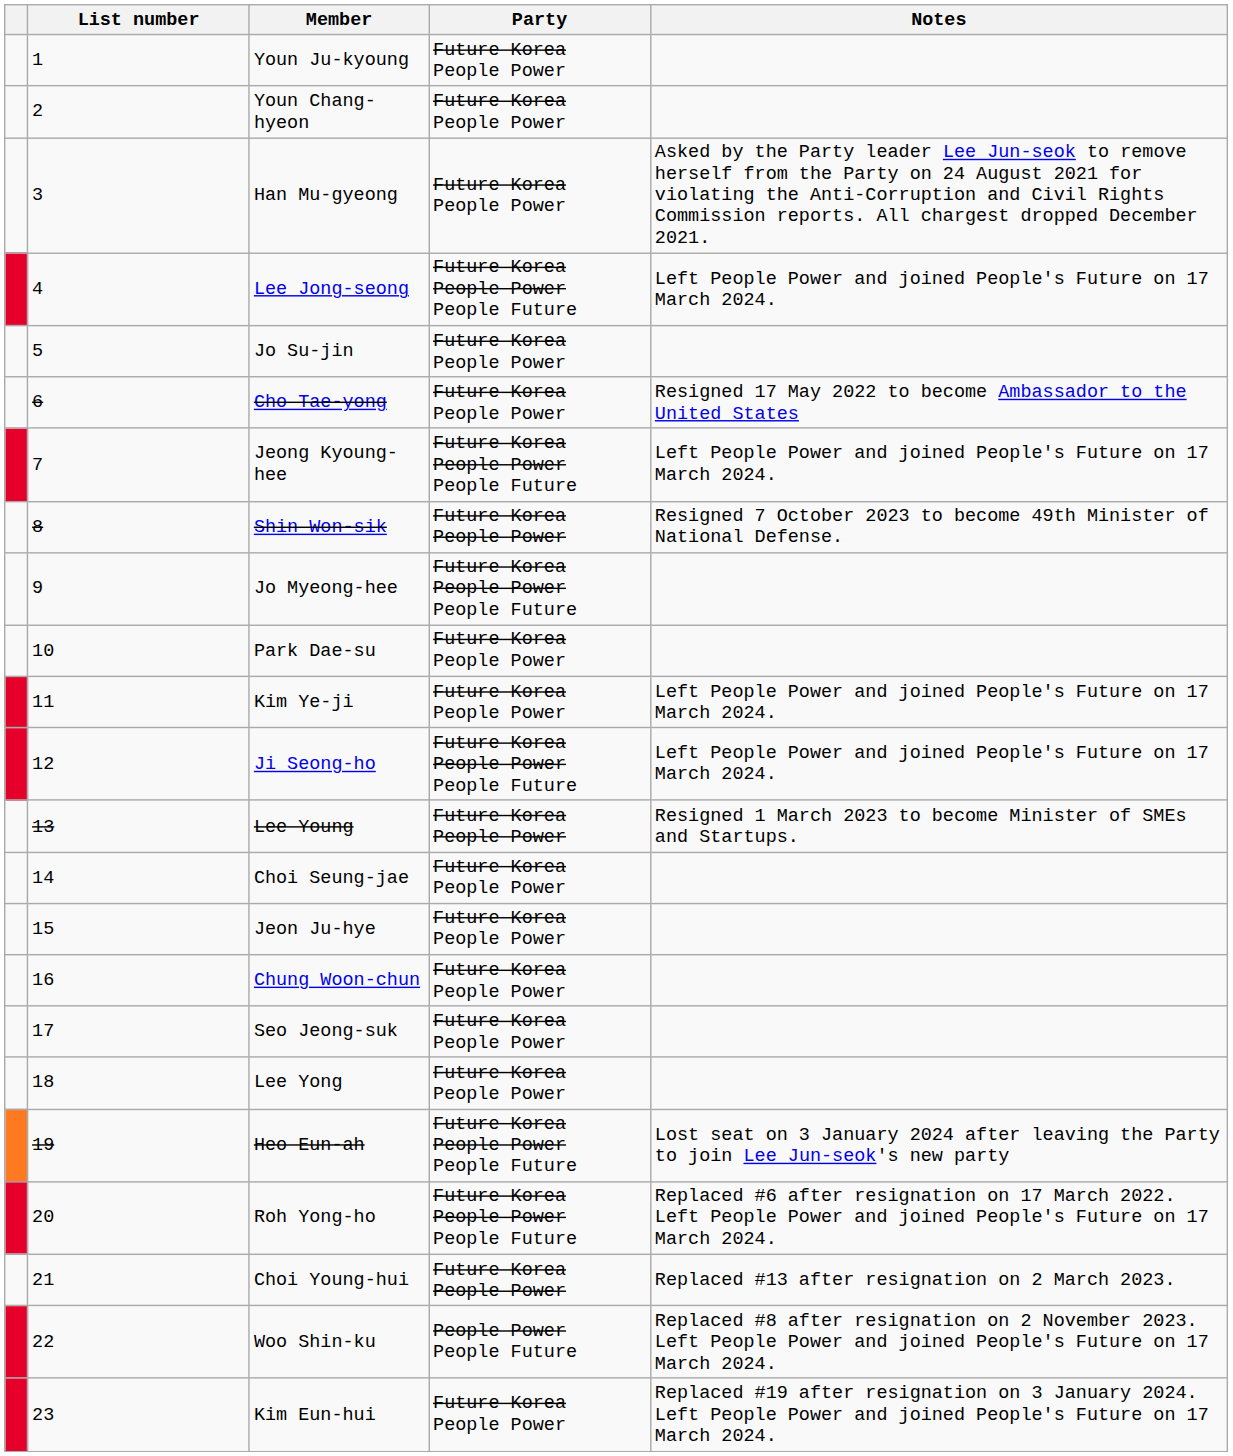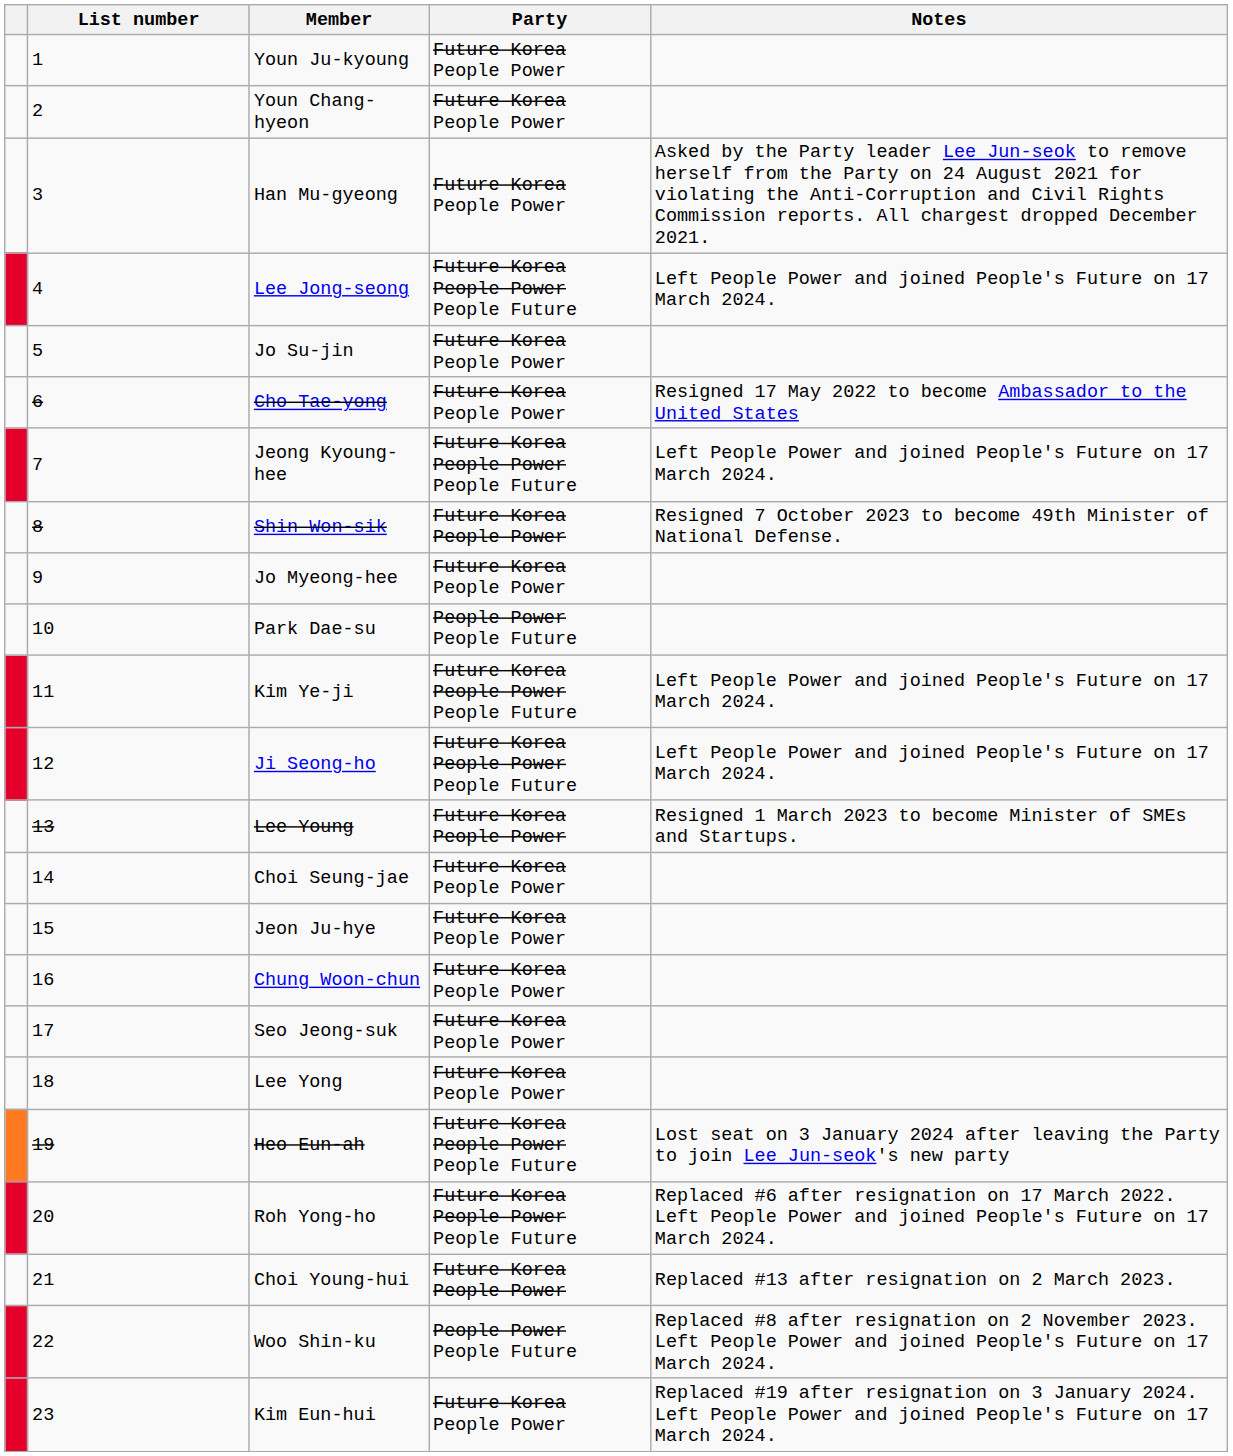 <table class="wikitable sortable">
 <tr>
 <th scope="col" style="width:10px;" class="unsortable"></th>
 <th scope="col" style="width:150px;">List number</th>
 <th scope="col" style="width:120px;">Member</th>
 <th scope="col" style="width:150px;">Party</th>
 <th scope="col" style="width:400px;" class="unsortable">Notes</th>
 </tr>
 <tr>
 <td scope="row" width="10" style="background-color:"></td>
 <td style="width:50px;">1</td>
 <td>Youn Ju-kyoung</td>
 <td><s>Future Korea</s><br>People Power</td>
 <td></td>
 </tr>
 <tr>
 <td scope="row" style="background-color:"></td>
 <td>2</td>
 <td>Youn Chang-hyeon</td>
 <td><s>Future Korea</s><br>People Power</td>
 <td></td>
 </tr>
 <tr>
 <td scope="row" style="background-color:"></td>
 <td>3</td>
 <td>Han Mu-gyeong</td>
 <td><s>Future Korea</s><br>People Power</td>
 <td>Asked by the Party leader <a href='#'>Lee Jun-seok</a> to remove herself from the Party on 24 August 2021 for violating the Anti-Corruption and Civil Rights Commission reports. All chargest dropped December 2021.</td>
 </tr>
 <tr>
 <td scope="row" style="background-color:#E4002B"></td>
 <td>4</td>
 <td><a href='#'>Lee Jong-seong</a></td>
 <td><s>Future Korea</s><br><s>People Power</s><br>People Future</td>
 <td>Left People Power and joined People's Future on 17 March 2024.</td>
 </tr>
 <tr>
 <td scope="row" style="background-color:"></td>
 <td>5</td>
 <td>Jo Su-jin</td>
 <td><s>Future Korea</s><br>People Power</td>
 <td></td>
 </tr>
 <tr>
 <td scope="row" style="background-color:"></td>
 <td><s> 6 </s></td>
 <td><s> <a href='#'>Cho Tae-yong</a> </s></td>
 <td><s>Future Korea</s><br>People Power</td>
 <td>Resigned 17 May 2022 to become <a href='#'>Ambassador to the United States</a></td>
 </tr>
 <tr>
 <td scope="row" style="background-color:#E4002B"></td>
 <td>7</td>
 <td>Jeong Kyoung-hee</td>
 <td><s>Future Korea</s><br><s>People Power</s><br>People Future</td>
 <td>Left People Power and joined People's Future on 17 March 2024.</td>
 </tr>
 <tr>
 <td scope="row" style="background-color:"></td>
 <td><s> 8 </s></td>
 <td><s> <a href='#'>Shin Won-sik</a> </s></td>
 <td><s>Future Korea</s><br><s>People Power</s></td>
 <td>Resigned 7 October 2023 to become 49th Minister of National Defense.</td>
 </tr>
 <tr>
 <td scope="row" style="background-color:"></td>
 <td>9</td>
 <td>Jo Myeong-hee</td>
-<td><s>Future Korea</s><br><s>People Power</s><br>People Future</td>
+<td><s>Future Korea</s><br>People Power</td>
 <td></td>
 </tr>
 <tr>
 <td scope="row" style="background-color:"></td>
 <td>10</td>
 <td>Park Dae-su</td>
-<td><s>Future Korea</s><br>People Power</td>
+<td><s>People Power</s><br>People Future</td>
 <td></td>
 </tr>
 <tr>
 <td scope="row" style="background-color:#E4002B"></td>
 <td>11</td>
 <td>Kim Ye-ji</td>
-<td><s>Future Korea</s><br>People Power</td>
+<td><s>Future Korea</s><br><s>People Power</s><br>People Future</td>
 <td>Left People Power and joined People's Future on 17 March 2024.</td>
 </tr>
 <tr>
 <td scope="row" style="background-color:#E4002B"></td>
 <td>12</td>
 <td><a href='#'>Ji Seong-ho</a></td>
 <td><s>Future Korea</s><br><s>People Power</s><br>People Future</td>
 <td>Left People Power and joined People's Future on 17 March 2024.</td>
 </tr>
 <tr>
 <td scope="row" style="background-color:"></td>
 <td><s> 13 </s></td>
 <td><s> Lee Young </s></td>
 <td><s>Future Korea</s><br><s>People Power</s></td>
 <td>Resigned 1 March 2023 to become Minister of SMEs and Startups.</td>
 </tr>
 <tr>
 <td scope="row" style="background-color:"></td>
 <td>14</td>
 <td>Choi Seung-jae</td>
 <td><s>Future Korea</s><br>People Power</td>
 <td></td>
 </tr>
 <tr>
 <td scope="row" style="background-color:"></td>
 <td>15</td>
 <td>Jeon Ju-hye</td>
 <td><s>Future Korea</s><br>People Power</td>
 <td></td>
 </tr>
 <tr>
 <td scope="row" style="background-color:"></td>
 <td>16</td>
 <td><a href='#'>Chung Woon-chun</a></td>
 <td><s>Future Korea</s><br>People Power</td>
 <td></td>
 </tr>
 <tr>
 <td scope="row" style="background-color:"></td>
 <td>17</td>
 <td>Seo Jeong-suk</td>
 <td><s>Future Korea</s><br>People Power</td>
 <td></td>
 </tr>
 <tr>
 <td scope="row" style="background-color:"></td>
 <td>18</td>
 <td>Lee Yong</td>
 <td><s>Future Korea</s><br>People Power</td>
 <td></td>
 </tr>
 <tr>
 <td scope="row" style="background-color:#FF7920"></td>
 <td><s> 19</s></td>
 <td><s>Heo Eun-ah </s></td>
 <td><s>Future Korea</s><br><s>People Power</s><br>People Future</td>
 <td>Lost seat on 3 January 2024 after leaving the Party to join <a href='#'>Lee Jun-seok</a>'s new party</td>
 </tr>
 <tr>
 <td scope="row" width="10" style="background-color:#E4002B"></td>
 <td>20</td>
 <td>Roh Yong-ho</td>
 <td><s>Future Korea</s><br><s>People Power</s><br>People Future</td>
 <td>Replaced #6 after resignation on 17 March 2022.<br>Left People Power and joined People's Future on 17 March 2024.</td>
 </tr>
 <tr>
 <td scope="row" width="10" style="background-color:"></td>
 <td>21</td>
 <td>Choi Young-hui</td>
 <td><s>Future Korea</s><br><s>People Power</s></td>
 <td>Replaced #13 after resignation on 2 March 2023.</td>
 </tr>
 <tr>
 <td scope="row" width="10" style="background-color:#E4002B"></td>
 <td>22</td>
 <td>Woo Shin-ku</td>
 <td><s>People Power</s><br>People Future</td>
 <td>Replaced #8 after resignation on 2 November 2023.<br>Left People Power and joined People's Future on 17 March 2024.</td>
 </tr>
 <tr>
 <td scope="row" width="10" style="background-color:#E4002B"></td>
 <td>23</td>
 <td>Kim Eun-hui</td>
 <td><s>Future Korea</s><br>People Power</td>
 <td>Replaced #19 after resignation on 3 January 2024.<br>Left People Power and joined People's Future on 17 March 2024.</td>
 </tr>
 <tr>
 </tr>
 </table>
